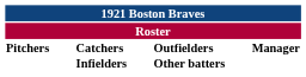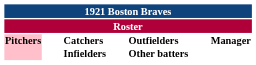 <table class="toccolours" style="font-size: 95%;">
 <tr>
 <th colspan="10" style="background-color: #0f437c; color: white; text-align: center;">1921 Boston Braves</th>
 </tr>
 <tr>
 <td colspan="10" style="background-color: #af0039; color: white; text-align: center;"><strong>Roster</strong></td>
 </tr>
 <tr>
-<td valign="top"><strong>Pitchers</strong><br>           </td>
+<td valign="top" style="background: pink;"><strong>Pitchers</strong><br>           </td>
 <td width="25px"></td>
 <td valign="top"><strong>Catchers</strong><br>   <strong>Infielders</strong>     </td>
 <td width="25px"></td>
 <td valign="top"><strong>Outfielders</strong><br>     <strong>Other batters</strong> </td>
 <td width="25px"></td>
 <td valign="top"><strong>Manager</strong><br></td>
 </tr>
 </table>
